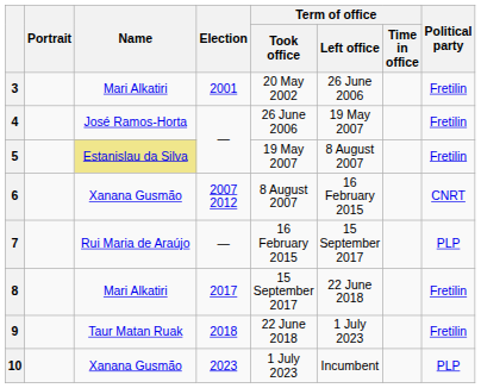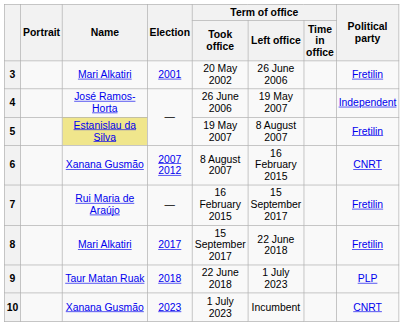 <table class="wikitable" style="text-align:center">
 <tr>
 <th rowspan="2"></th>
 <th rowspan="2">Portrait</th>
 <th rowspan="2" width="180">Name<br></th>
 <th rowspan="2">Election</th>
 <th colspan="3">Term of office</th>
 <th rowspan="2">Political party</th>
 </tr>
 <tr>
 <th>Took office</th>
 <th>Left office</th>
 <th>Time in office</th>
 </tr>
 <tr>
 <th style="background:">3</th>
 <td></td>
 <td><a href='#'>Mari Alkatiri</a><br></td>
 <td><a href='#'>2001</a></td>
 <td>20 May 2002</td>
 <td>26 June 2006</td>
 <td></td>
 <td><a href='#'>Fretilin</a></td>
 </tr>
 <tr>
 <th style="background:">4</th>
 <td></td>
 <td><a href='#'>José Ramos-Horta</a><br></td>
 <td rowspan="2">—</td>
 <td>26 June 2006</td>
 <td>19 May 2007</td>
 <td></td>
-<td><a href='#'>Fretilin</a></td>
+<td><a href='#'>Independent</a></td>
 </tr>
 <tr>
 <th style="background:">5</th>
 <td></td>
 <td style="background: khaki;"><a href='#'>Estanislau da Silva</a><br></td>
 <td>19 May 2007</td>
 <td>8 August 2007</td>
 <td></td>
 <td><a href='#'>Fretilin</a></td>
 </tr>
 <tr>
 <th style="background:">6</th>
 <td></td>
 <td><a href='#'>Xanana Gusmão</a><br></td>
 <td><a href='#'>2007</a><br><a href='#'>2012</a></td>
 <td>8 August 2007</td>
 <td>16 February 2015</td>
 <td></td>
 <td><a href='#'>CNRT</a></td>
 </tr>
 <tr>
 <th style="background:">7</th>
 <td></td>
 <td><a href='#'>Rui Maria de Araújo</a><br></td>
 <td>—</td>
 <td>16 February 2015</td>
 <td>15 September 2017</td>
 <td></td>
-<td><a href='#'>PLP</a></td>
+<td><a href='#'>Fretilin</a></td>
 </tr>
 <tr>
 <th style="background:">8</th>
 <td></td>
 <td><a href='#'>Mari Alkatiri</a><br></td>
 <td><a href='#'>2017</a></td>
 <td>15 September 2017</td>
 <td>22 June 2018</td>
 <td></td>
 <td><a href='#'>Fretilin</a></td>
 </tr>
 <tr>
 <th style="background:">9</th>
 <td></td>
 <td><a href='#'>Taur Matan Ruak</a><br></td>
 <td><a href='#'>2018</a></td>
 <td>22 June 2018</td>
 <td>1 July 2023</td>
 <td></td>
-<td><a href='#'>Fretilin</a></td>
+<td><a href='#'>PLP</a></td>
 </tr>
 <tr>
 <th style="background:">10</th>
 <td></td>
 <td><a href='#'>Xanana Gusmão</a><br></td>
 <td><a href='#'>2023</a></td>
 <td>1 July 2023</td>
 <td>Incumbent</td>
 <td></td>
-<td><a href='#'>PLP</a></td>
+<td><a href='#'>CNRT</a></td>
 </tr>
 </table>
